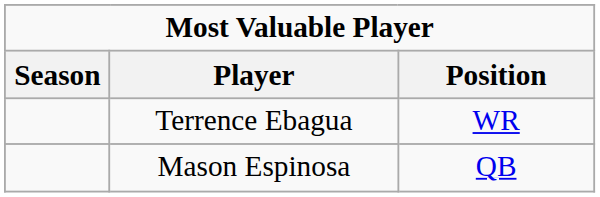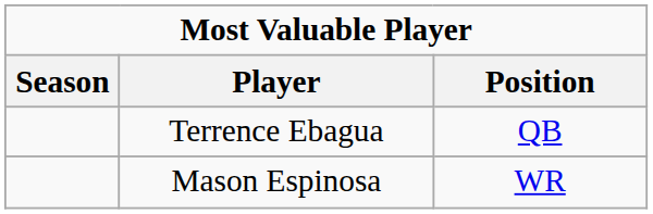 <table class="wikitable sortable" style="text-align:center">
 <tr>
 <td colspan="4"><strong>Most Valuable Player</strong></td>
 </tr>
 <tr>
 <th style="width:50px; ">Season</th>
 <th style="width:150px; ">Player</th>
 <th style="width:100px; ">Position</th>
 </tr>
 <tr>
 <td></td>
 <td>Terrence Ebagua</td>
-<td><a href='#'>WR</a></td>
+<td><a href='#'>QB</a></td>
 </tr>
 <tr>
 <td></td>
 <td>Mason Espinosa</td>
-<td><a href='#'>QB</a></td>
+<td><a href='#'>WR</a></td>
 </tr>
 </table>
